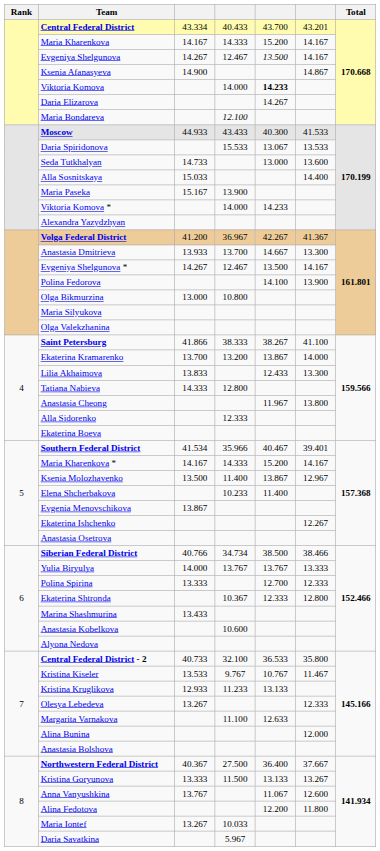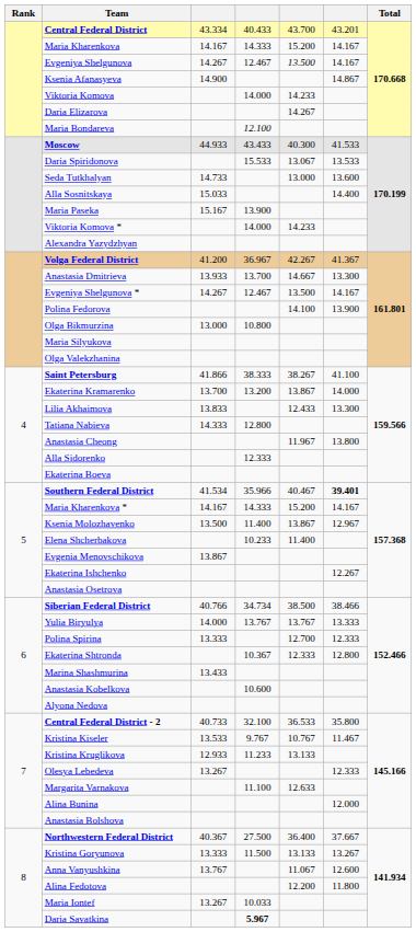 <table class="wikitable" style="text-align:center; font-size:95%">
 <tr>
 <th scope="col" style="width:50px;">Rank</th>
 <th scope="col" style="width:220px;">Team</th>
 <th scope="col" style="width:60px;"></th>
 <th scope="col" style="width:60px;"></th>
 <th scope="col" style="width:60px;"></th>
 <th scope="col" style="width:60px;"></th>
 <th scope="col" style="width:60px;">Total</th>
 </tr>
 <tr style="background:#fffcaf;">
 <td rowspan=7></td>
 <td style="text-align:left;"><strong><a href='#'>Central Federal District</a></strong></td>
 <td>43.334</td>
 <td>40.433</td>
 <td>43.700</td>
 <td>43.201</td>
 <td rowspan=7><strong>170.668</strong></td>
 </tr>
 <tr>
 <td style="text-align:left;"><a href='#'>Maria Kharenkova</a></td>
 <td>14.167</td>
 <td>14.333</td>
 <td>15.200</td>
 <td>14.167</td>
 </tr>
 <tr>
 <td style="text-align:left;"><a href='#'>Evgeniya Shelgunova</a></td>
 <td>14.267</td>
 <td>12.467</td>
 <td><em>13.500</em></td>
 <td>14.167</td>
 </tr>
 <tr>
 <td style="text-align:left;"><a href='#'>Ksenia Afanasyeva</a></td>
 <td>14.900</td>
 <td></td>
 <td></td>
 <td>14.867</td>
 </tr>
 <tr>
 <td style="text-align:left;"><a href='#'>Viktoria Komova</a></td>
 <td></td>
 <td>14.000</td>
-<td><strong>14.233</strong></td>
+<td>14.233</td>
 <td></td>
 </tr>
 <tr>
 <td style="text-align:left;"><a href='#'>Daria Elizarova</a></td>
 <td></td>
 <td></td>
 <td>14.267</td>
 <td></td>
 </tr>
 <tr>
 <td style="text-align:left;"><a href='#'>Maria Bondareva</a></td>
 <td></td>
 <td><em>12.100</em></td>
 <td></td>
 <td></td>
 </tr>
 <tr style="background:#e5e5e5;">
 <td rowspan=7></td>
 <td style="text-align:left;"><strong><a href='#'>Moscow</a></strong></td>
 <td>44.933</td>
 <td>43.433</td>
 <td>40.300</td>
 <td>41.533</td>
 <td rowspan=7><strong>170.199</strong></td>
 </tr>
 <tr>
 <td style="text-align:left;"><a href='#'>Daria Spiridonova</a></td>
 <td></td>
 <td>15.533</td>
 <td>13.067</td>
 <td>13.533</td>
 </tr>
 <tr>
 <td style="text-align:left;"><a href='#'>Seda Tutkhalyan</a></td>
 <td>14.733</td>
 <td></td>
 <td>13.000</td>
 <td>13.600</td>
 </tr>
 <tr>
 <td style="text-align:left;"><a href='#'>Alla Sosnitskaya</a></td>
 <td>15.033</td>
 <td></td>
 <td></td>
 <td>14.400</td>
 </tr>
 <tr>
 <td style="text-align:left;"><a href='#'>Maria Paseka</a></td>
 <td>15.167</td>
 <td>13.900</td>
 <td></td>
 <td></td>
 </tr>
 <tr>
 <td style="text-align:left;"><a href='#'>Viktoria Komova</a> *</td>
 <td></td>
 <td>14.000</td>
 <td>14.233</td>
 <td></td>
 </tr>
 <tr>
 <td style="text-align:left;"><a href='#'>Alexandra Yazydzhyan</a></td>
 <td></td>
 <td></td>
 <td></td>
 <td></td>
 </tr>
 <tr style="background:#ec9;">
 <td rowspan=7></td>
 <td style="text-align:left;"><strong><a href='#'>Volga Federal District</a></strong></td>
 <td>41.200</td>
 <td>36.967</td>
 <td>42.267</td>
 <td>41.367</td>
 <td rowspan=7><strong>161.801</strong></td>
 </tr>
 <tr>
 <td style="text-align:left;"><a href='#'>Anastasia Dmitrieva</a></td>
 <td>13.933</td>
 <td>13.700</td>
 <td>14.667</td>
 <td>13.300</td>
 </tr>
 <tr>
 <td style="text-align:left;"><a href='#'>Evgeniya Shelgunova</a> *</td>
 <td>14.267</td>
 <td>12.467</td>
 <td>13.500</td>
 <td>14.167</td>
 </tr>
 <tr>
 <td style="text-align:left;"><a href='#'>Polina Fedorova</a></td>
 <td></td>
 <td></td>
 <td>14.100</td>
 <td>13.900</td>
 </tr>
 <tr>
 <td style="text-align:left;"><a href='#'>Olga Bikmurzina</a></td>
 <td>13.000</td>
 <td>10.800</td>
 <td></td>
 <td></td>
 </tr>
 <tr>
 <td style="text-align:left;"><a href='#'>Maria Silyukova</a></td>
 <td></td>
 <td></td>
 <td></td>
 <td></td>
 </tr>
 <tr>
 <td style="text-align:left;"><a href='#'>Olga Valekzhanina</a></td>
 <td></td>
 <td></td>
 <td></td>
 <td></td>
 </tr>
 <tr>
 <td rowspan=7>4</td>
 <td style="text-align:left;"><strong><a href='#'>Saint Petersburg</a></strong></td>
 <td>41.866</td>
 <td>38.333</td>
 <td>38.267</td>
 <td>41.100</td>
 <td rowspan=7><strong>159.566</strong></td>
 </tr>
 <tr>
 <td style="text-align:left;"><a href='#'>Ekaterina Kramarenko</a></td>
 <td>13.700</td>
 <td>13.200</td>
 <td>13.867</td>
 <td>14.000</td>
 </tr>
 <tr>
 <td style="text-align:left;"><a href='#'>Lilia Akhaimova</a></td>
 <td>13.833</td>
 <td></td>
 <td>12.433</td>
 <td>13.300</td>
 </tr>
 <tr>
 <td style="text-align:left;"><a href='#'>Tatiana Nabieva</a></td>
 <td>14.333</td>
 <td>12.800</td>
 <td></td>
 <td></td>
 </tr>
 <tr>
 <td style="text-align:left;"><a href='#'>Anastasia Cheong</a></td>
 <td></td>
 <td></td>
 <td>11.967</td>
 <td>13.800</td>
 </tr>
 <tr>
 <td style="text-align:left;"><a href='#'>Alla Sidorenko</a></td>
 <td></td>
 <td>12.333</td>
 <td></td>
 <td></td>
 </tr>
 <tr>
 <td style="text-align:left;"><a href='#'>Ekaterina Boeva</a></td>
 <td></td>
 <td></td>
 <td></td>
 <td></td>
 </tr>
 <tr>
 <td rowspan=7>5</td>
 <td style="text-align:left;"><strong><a href='#'>Southern Federal District</a></strong></td>
 <td>41.534</td>
 <td>35.966</td>
 <td>40.467</td>
-<td>39.401</td>
+<td><strong>39.401</strong></td>
 <td rowspan=7><strong>157.368</strong></td>
 </tr>
 <tr>
 <td style="text-align:left;"><a href='#'>Maria Kharenkova</a> *</td>
 <td>14.167</td>
 <td>14.333</td>
 <td>15.200</td>
 <td>14.167</td>
 </tr>
 <tr>
 <td style="text-align:left;"><a href='#'>Ksenia Molozhavenko</a></td>
 <td>13.500</td>
 <td>11.400</td>
 <td>13.867</td>
 <td>12.967</td>
 </tr>
 <tr>
 <td style="text-align:left;"><a href='#'>Elena Shcherbakova</a></td>
 <td></td>
 <td>10.233</td>
 <td>11.400</td>
 <td></td>
 </tr>
 <tr>
 <td style="text-align:left;"><a href='#'>Evgenia Menovschikova</a></td>
 <td>13.867</td>
 <td></td>
 <td></td>
 <td></td>
 </tr>
 <tr>
 <td style="text-align:left;"><a href='#'>Ekaterina Ishchenko</a></td>
 <td></td>
 <td></td>
 <td></td>
 <td>12.267</td>
 </tr>
 <tr>
 <td style="text-align:left;"><a href='#'>Anastasia Osetrova</a></td>
 <td></td>
 <td></td>
 <td></td>
 <td></td>
 </tr>
 <tr>
 <td rowspan=7>6</td>
 <td style="text-align:left;"><strong><a href='#'>Siberian Federal District</a></strong></td>
 <td>40.766</td>
 <td>34.734</td>
 <td>38.500</td>
 <td>38.466</td>
 <td rowspan=7><strong>152.466</strong></td>
 </tr>
 <tr>
 <td style="text-align:left;"><a href='#'>Yulia Biryulya</a></td>
 <td>14.000</td>
 <td>13.767</td>
 <td>13.767</td>
 <td>13.333</td>
 </tr>
 <tr>
 <td style="text-align:left;"><a href='#'>Polina Spirina</a></td>
 <td>13.333</td>
 <td></td>
 <td>12.700</td>
 <td>12.333</td>
 </tr>
 <tr>
 <td style="text-align:left;"><a href='#'>Ekaterina Shtronda</a></td>
 <td></td>
 <td>10.367</td>
 <td>12.333</td>
 <td>12.800</td>
 </tr>
 <tr>
 <td style="text-align:left;"><a href='#'>Marina Shashmurina</a></td>
 <td>13.433</td>
 <td></td>
 <td></td>
 <td></td>
 </tr>
 <tr>
 <td style="text-align:left;"><a href='#'>Anastasia Kobelkova</a></td>
 <td></td>
 <td>10.600</td>
 <td></td>
 <td></td>
 </tr>
 <tr>
 <td style="text-align:left;"><a href='#'>Alyona Nedova</a></td>
 <td></td>
 <td></td>
 <td></td>
 <td></td>
 </tr>
 <tr>
 <td rowspan=7>7</td>
 <td style="text-align:left;"><strong><a href='#'>Central Federal District</a> - 2</strong></td>
 <td>40.733</td>
 <td>32.100</td>
 <td>36.533</td>
 <td>35.800</td>
 <td rowspan=7><strong>145.166</strong></td>
 </tr>
 <tr>
 <td style="text-align:left;"><a href='#'>Kristina Kiseler</a></td>
 <td>13.533</td>
 <td>9.767</td>
 <td>10.767</td>
 <td>11.467</td>
 </tr>
 <tr>
 <td style="text-align:left;"><a href='#'>Kristina Kruglikova</a></td>
 <td>12.933</td>
 <td>11.233</td>
 <td>13.133</td>
 <td></td>
 </tr>
 <tr>
 <td style="text-align:left;"><a href='#'>Olesya Lebedeva</a></td>
 <td>13.267</td>
 <td></td>
 <td></td>
 <td>12.333</td>
 </tr>
 <tr>
 <td style="text-align:left;"><a href='#'>Margarita Varnakova</a></td>
 <td></td>
 <td>11.100</td>
 <td>12.633</td>
 <td></td>
 </tr>
 <tr>
 <td style="text-align:left;"><a href='#'>Alina Bunina</a></td>
 <td></td>
 <td></td>
 <td></td>
 <td>12.000</td>
 </tr>
 <tr>
 <td style="text-align:left;"><a href='#'>Anastasia Bolshova</a></td>
 <td></td>
 <td></td>
 <td></td>
 <td></td>
 </tr>
 <tr>
 <td rowspan=6>8</td>
 <td style="text-align:left;"><strong><a href='#'>Northwestern Federal District</a></strong></td>
 <td>40.367</td>
 <td>27.500</td>
 <td>36.400</td>
 <td>37.667</td>
 <td rowspan=6><strong>141.934</strong></td>
 </tr>
 <tr>
 <td style="text-align:left;"><a href='#'>Kristina Goryunova</a></td>
 <td>13.333</td>
 <td>11.500</td>
 <td>13.133</td>
 <td>13.267</td>
 </tr>
 <tr>
 <td style="text-align:left;"><a href='#'>Anna Vanyushkina</a></td>
 <td>13.767</td>
 <td></td>
 <td>11.067</td>
 <td>12.600</td>
 </tr>
 <tr>
 <td style="text-align:left;"><a href='#'>Alina Fedotova</a></td>
 <td></td>
 <td></td>
 <td>12.200</td>
 <td>11.800</td>
 </tr>
 <tr>
 <td style="text-align:left;"><a href='#'>Maria Iontef</a></td>
 <td>13.267</td>
 <td>10.033</td>
 <td></td>
 <td></td>
 </tr>
 <tr>
 <td style="text-align:left;"><a href='#'>Daria Savatkina</a></td>
 <td></td>
-<td>5.967</td>
+<td><strong>5.967</strong></td>
 <td></td>
 <td></td>
 </tr>
 </table>
